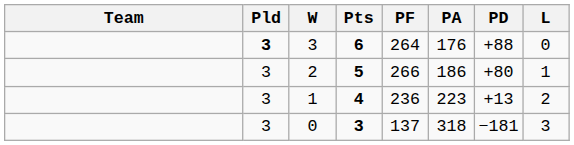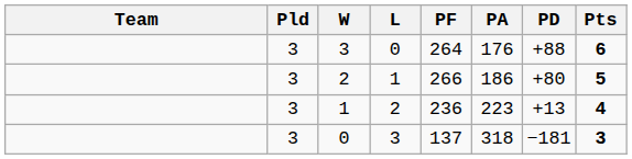 <table class=wikitable style="text-align:center">
 <tr>
 <th width=180>Team</th>
 <th width=30>Pld</th>
 <th width=30>W</th>
-<th width=30>Pts</th>
+<th width=30>L</th>
 <th width=30>PF</th>
 <th width=30>PA</th>
 <th width=30>PD</th>
-<th width=30>L</th>
+<th width=30>Pts</th>
 </tr>
 <tr>
 <td align="left"></td>
-<td><strong>3</strong></td>
 <td>3</td>
-<td><strong>6</strong></td>
+<td>3</td>
+<td>0</td>
 <td>264</td>
 <td>176</td>
 <td>+88</td>
-<td>0</td>
+<td><strong>6</strong></td>
 </tr>
 <tr>
 <td align="left"></td>
 <td>3</td>
 <td>2</td>
-<td><strong>5</strong></td>
+<td>1</td>
 <td>266</td>
 <td>186</td>
 <td>+80</td>
-<td>1</td>
+<td><strong>5</strong></td>
 </tr>
 <tr>
 <td align="left"></td>
 <td>3</td>
 <td>1</td>
-<td><strong>4</strong></td>
+<td>2</td>
 <td>236</td>
 <td>223</td>
 <td>+13</td>
-<td>2</td>
+<td><strong>4</strong></td>
 </tr>
 <tr>
 <td align="left"></td>
 <td>3</td>
 <td>0</td>
-<td><strong>3</strong></td>
+<td>3</td>
 <td>137</td>
 <td>318</td>
 <td>−181</td>
-<td>3</td>
+<td><strong>3</strong></td>
 </tr>
 </table>
